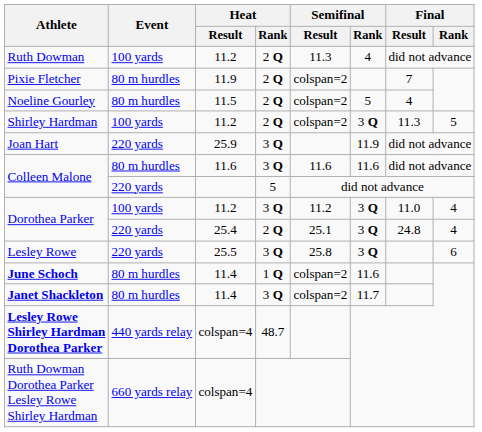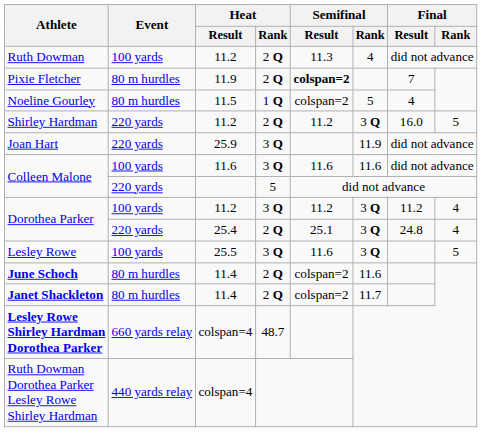 <table class=wikitable style=font-size:90%>
 <tr>
 <th rowspan=2>Athlete</th>
 <th rowspan=2>Event</th>
 <th colspan=2>Heat</th>
 <th colspan=2>Semifinal</th>
 <th colspan=2>Final</th>
 </tr>
 <tr style=font-size:95%>
 <th>Result</th>
 <th>Rank</th>
 <th>Result</th>
 <th>Rank</th>
 <th>Result</th>
 <th>Rank</th>
 </tr>
 <tr align=center>
 <td align=left><a href='#'>Ruth Dowman</a></td>
 <td align=left><a href='#'>100 yards</a></td>
 <td>11.2</td>
 <td>2 <strong>Q</strong></td>
 <td>11.3</td>
 <td>4</td>
 <td colspan=2>did not advance</td>
 </tr>
 <tr align=center>
 <td align=left><a href='#'>Pixie Fletcher</a></td>
 <td align=left><a href='#'>80 m hurdles</a></td>
 <td>11.9</td>
 <td>2 <strong>Q</strong></td>
-<td>colspan=2 </td>
+<td><strong>colspan=2 </strong></td>
 <td></td>
 <td>7</td>
 </tr>
 <tr align=center>
 <td align=left><a href='#'>Noeline Gourley</a></td>
 <td align=left><a href='#'>80 m hurdles</a></td>
 <td>11.5</td>
-<td>2 <strong>Q</strong></td>
+<td>1 <strong>Q</strong></td>
 <td>colspan=2 </td>
 <td>5</td>
 <td>4</td>
 </tr>
 <tr align=center>
 <td align=left><a href='#'>Shirley Hardman</a></td>
-<td align=left><a href='#'>100 yards</a></td>
+<td align=left><a href='#'>220 yards</a></td>
 <td>11.2</td>
 <td>2 <strong>Q</strong></td>
-<td>colspan=2 </td>
+<td>11.2</td>
 <td>3 <strong>Q</strong></td>
-<td>11.3</td>
+<td>16.0</td>
 <td>5</td>
 </tr>
 <tr align=center>
 <td align=left><a href='#'>Joan Hart</a></td>
 <td align=left><a href='#'>220 yards</a></td>
 <td>25.9</td>
 <td>3 <strong>Q</strong></td>
 <td></td>
 <td>11.9</td>
 <td colspan=2>did not advance</td>
 </tr>
 <tr align=center>
 <td align=left rowspan=2><a href='#'>Colleen Malone</a></td>
-<td align=left><a href='#'>80 m hurdles</a></td>
+<td align=left><a href='#'>100 yards</a></td>
 <td>11.6</td>
 <td>3 <strong>Q</strong></td>
 <td>11.6</td>
 <td>11.6</td>
 <td colspan=2>did not advance</td>
 </tr>
 <tr align=center>
 <td align=left><a href='#'>220 yards</a></td>
 <td></td>
 <td>5</td>
 <td colspan=4>did not advance</td>
 </tr>
 <tr align=center>
 <td align=left rowspan=2><a href='#'>Dorothea Parker</a></td>
 <td align=left><a href='#'>100 yards</a></td>
 <td>11.2</td>
 <td>3 <strong>Q</strong></td>
 <td>11.2</td>
 <td>3 <strong>Q</strong></td>
-<td>11.0</td>
+<td>11.2</td>
 <td>4</td>
 </tr>
 <tr align=center>
 <td align=left><a href='#'>220 yards</a></td>
 <td>25.4</td>
 <td>2 <strong>Q</strong></td>
 <td>25.1</td>
 <td>3 <strong>Q</strong></td>
 <td>24.8</td>
 <td>4</td>
 </tr>
 <tr align=center>
 <td align=left><a href='#'>Lesley Rowe</a></td>
-<td align=left><a href='#'>220 yards</a></td>
+<td align=left><a href='#'>100 yards</a></td>
 <td>25.5</td>
 <td>3 <strong>Q</strong></td>
-<td>25.8</td>
+<td>11.6</td>
 <td>3 <strong>Q</strong></td>
 <td></td>
-<td>6</td>
+<td>5</td>
 </tr>
 <tr align=center>
 <td align=left><strong><a href='#'>June Schoch</a></strong></td>
 <td align=left><a href='#'>80 m hurdles</a></td>
 <td>11.4</td>
-<td>1 <strong>Q</strong></td>
+<td>2 <strong>Q</strong></td>
 <td>colspan=2 </td>
 <td>11.6</td>
 <td></td>
 </tr>
 <tr align=center>
 <td align=left><strong><a href='#'>Janet Shackleton</a></strong></td>
 <td align=left><a href='#'>80 m hurdles</a></td>
 <td>11.4</td>
-<td>3 <strong>Q</strong></td>
+<td>2 <strong>Q</strong></td>
 <td>colspan=2 </td>
 <td>11.7</td>
 <td></td>
 </tr>
 <tr align=center>
 <td align=left><strong><a href='#'>Lesley Rowe</a><br><a href='#'>Shirley Hardman</a><br><a href='#'>Dorothea Parker</a></strong></td>
-<td align=left><a href='#'>440 yards relay</a></td>
+<td align=left><a href='#'>660 yards relay</a></td>
 <td>colspan=4 </td>
 <td>48.7</td>
 <td></td>
 </tr>
 <tr align=center>
 <td align=left><a href='#'>Ruth Dowman</a><br><a href='#'>Dorothea Parker</a><br><a href='#'>Lesley Rowe</a><br><a href='#'>Shirley Hardman</a></td>
-<td align=left><a href='#'>660 yards relay</a></td>
+<td align=left><a href='#'>440 yards relay</a></td>
 <td>colspan=4 </td>
 <td colspan=2></td>
 </tr>
 </table>
